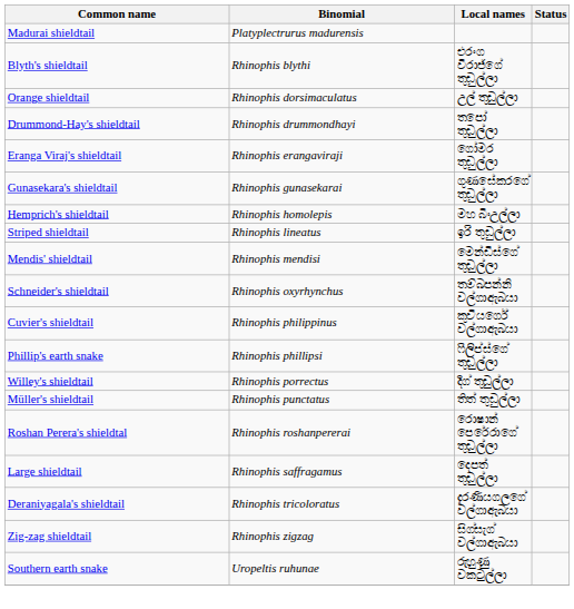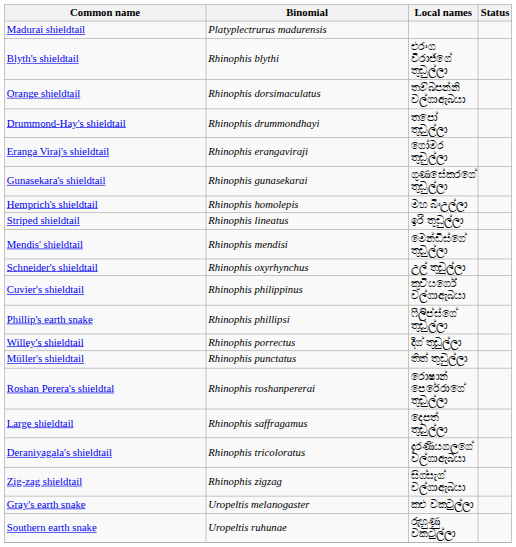 <table width=60% class="wikitable">
 <tr>
 <th width=50%>Common name</th>
 <th width=50%>Binomial</th>
 <th width=50%>Local names</th>
 <th width=20%>Status</th>
 </tr>
 <tr>
 <td><a href='#'>Madurai shieldtail</a><br></td>
 <td><em>Platyplectrurus madurensis</em></td>
 <td></td>
 <td></td>
 </tr>
 <tr>
 <td><a href='#'>Blyth's shieldtail</a></td>
 <td><em>Rhinophis blythi</em></td>
 <td>එරංග විරාජ්ගේ තුඩුල්ලා</td>
 <td></td>
 </tr>
 <tr>
 <td><a href='#'>Orange shieldtail</a></td>
 <td><em>Rhinophis dorsimaculatus</em></td>
-<td>උල් තුඩුල්ලා</td>
+<td>තම්බපන්නි වල්ගාඇබයා</td>
 <td></td>
 </tr>
 <tr>
 <td><a href='#'>Drummond-Hay's shieldtail</a></td>
 <td><em>Rhinophis drummondhayi</em></td>
 <td>තපෝ තුඩුල්ලා</td>
 <td></td>
 </tr>
 <tr>
 <td><a href='#'>Eranga Viraj's shieldtail</a></td>
 <td><em>Rhinophis erangaviraji</em></td>
 <td>ගෝමර තුඩුල්ලා</td>
 <td></td>
 </tr>
 <tr>
 <td><a href='#'>Gunasekara's shieldtail</a></td>
 <td><em>Rhinophis gunasekarai</em></td>
 <td>ගුණසේකරගේ තුඩුල්ලා</td>
 <td></td>
 </tr>
 <tr>
 <td><a href='#'>Hemprich's shieldtail</a></td>
 <td><em>Rhinophis homolepis</em></td>
 <td>මහ බිංඋල්ලා</td>
 <td></td>
 </tr>
 <tr>
 <td><a href='#'>Striped shieldtail</a></td>
 <td><em>Rhinophis lineatus</em></td>
 <td>ඉරි තුඩුල්ලා</td>
 <td></td>
 </tr>
 <tr>
 <td><a href='#'>Mendis' shieldtail</a></td>
 <td><em>Rhinophis mendisi</em></td>
 <td>මෙන්ඩිස්ගේ තුඩුල්ලා</td>
 <td></td>
 </tr>
 <tr>
 <td><a href='#'>Schneider's shieldtail</a></td>
 <td><em>Rhinophis oxyrhynchus</em></td>
-<td>තම්බපන්නි වල්ගාඇබයා</td>
+<td>උල් තුඩුල්ලා</td>
 <td></td>
 </tr>
 <tr>
 <td><a href='#'>Cuvier's shieldtail</a></td>
 <td><em>Rhinophis philippinus</em></td>
 <td>කුවියර්ගේ වල්ගාඇබයා</td>
 <td></td>
 </tr>
 <tr>
 <td><a href='#'>Phillip's earth snake</a></td>
 <td><em>Rhinophis phillipsi</em></td>
 <td>‍ෆිලිප්ස්ගේ තුඩුල්ලා</td>
 <td></td>
 </tr>
 <tr>
 <td><a href='#'>Willey's shieldtail</a></td>
 <td><em>Rhinophis porrectus</em></td>
 <td>දිග් තුඩුල්ලා</td>
 <td></td>
 </tr>
 <tr>
 <td><a href='#'>Müller's shieldtail</a></td>
 <td><em>Rhinophis punctatus</em></td>
 <td>තිත් තුඩුල්ලා</td>
 <td></td>
 </tr>
 <tr>
 <td><a href='#'>Roshan Perera's shieldtal</a></td>
 <td><em>Rhinophis roshanpererai</em></td>
 <td>රොෂාන් පෙරේරාගේ තුඩුල්ලා</td>
 <td></td>
 </tr>
 <tr>
 <td><a href='#'>Large shieldtail</a></td>
 <td><em>Rhinophis saffragamus</em></td>
 <td>දෙපත් තුඩුල්ලා</td>
 </tr>
 <tr>
 <td><a href='#'>Deraniyagala's shieldtail</a></td>
 <td><em>Rhinophis tricoloratus</em></td>
 <td>දැරණියගලගේ වල්ගාඇබයා</td>
 <td></td>
 </tr>
 <tr>
 <td><a href='#'>Zig-zag shieldtail</a></td>
 <td><em>Rhinophis zigzag</em></td>
 <td>සිග්සැග් වල්ගාඇබයා</td>
 <td></td>
 </tr>
 <tr>
+<td><a href='#'>Gray's earth snake</a></td>
+<td><em>Uropeltis melanogaster</em></td>
+<td>කළු වක‍ටුල්ලා</td>
+<td></td>
+</tr>
+<tr>
 <td><a href='#'>Southern earth snake</a></td>
 <td><em>Uropeltis ruhunae</em></td>
 <td>රුහුණු වක‍ටුල්ලා</td>
 <td></td>
 </tr>
 <tr>
 </tr>
 </table>
